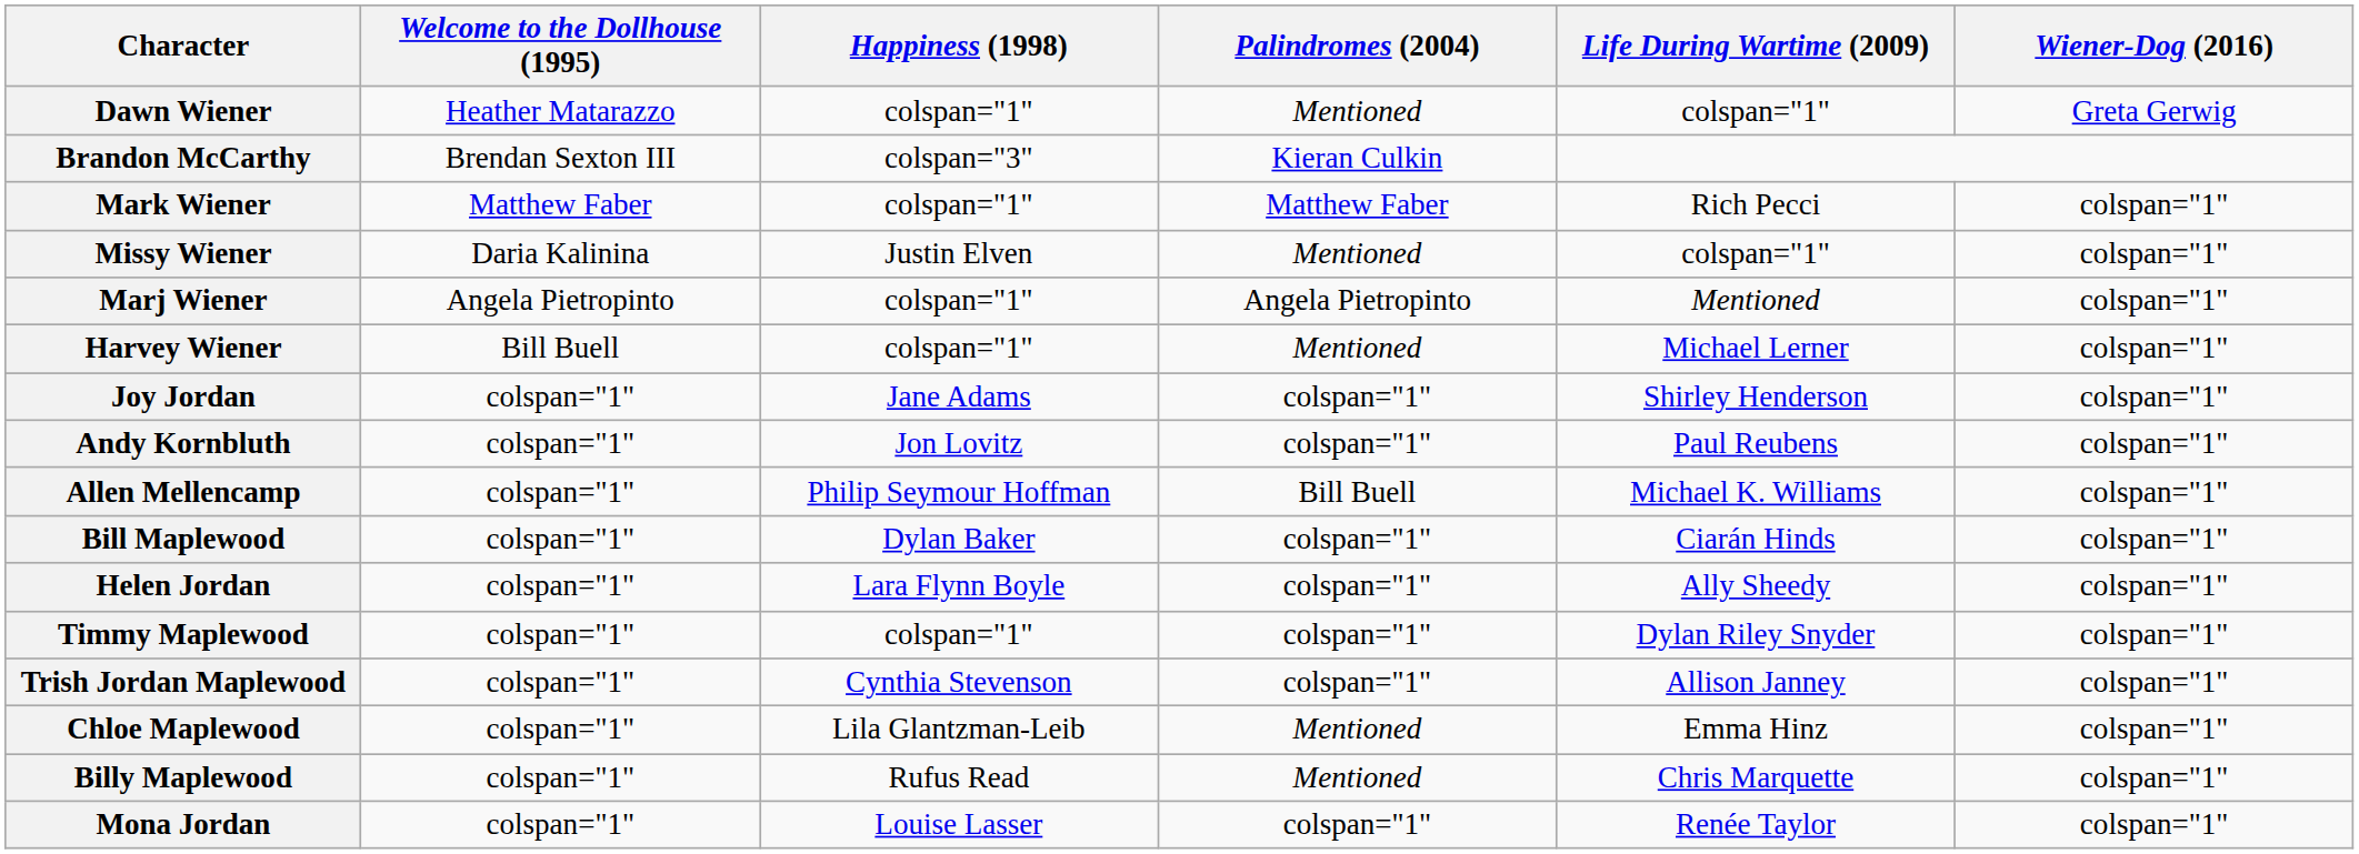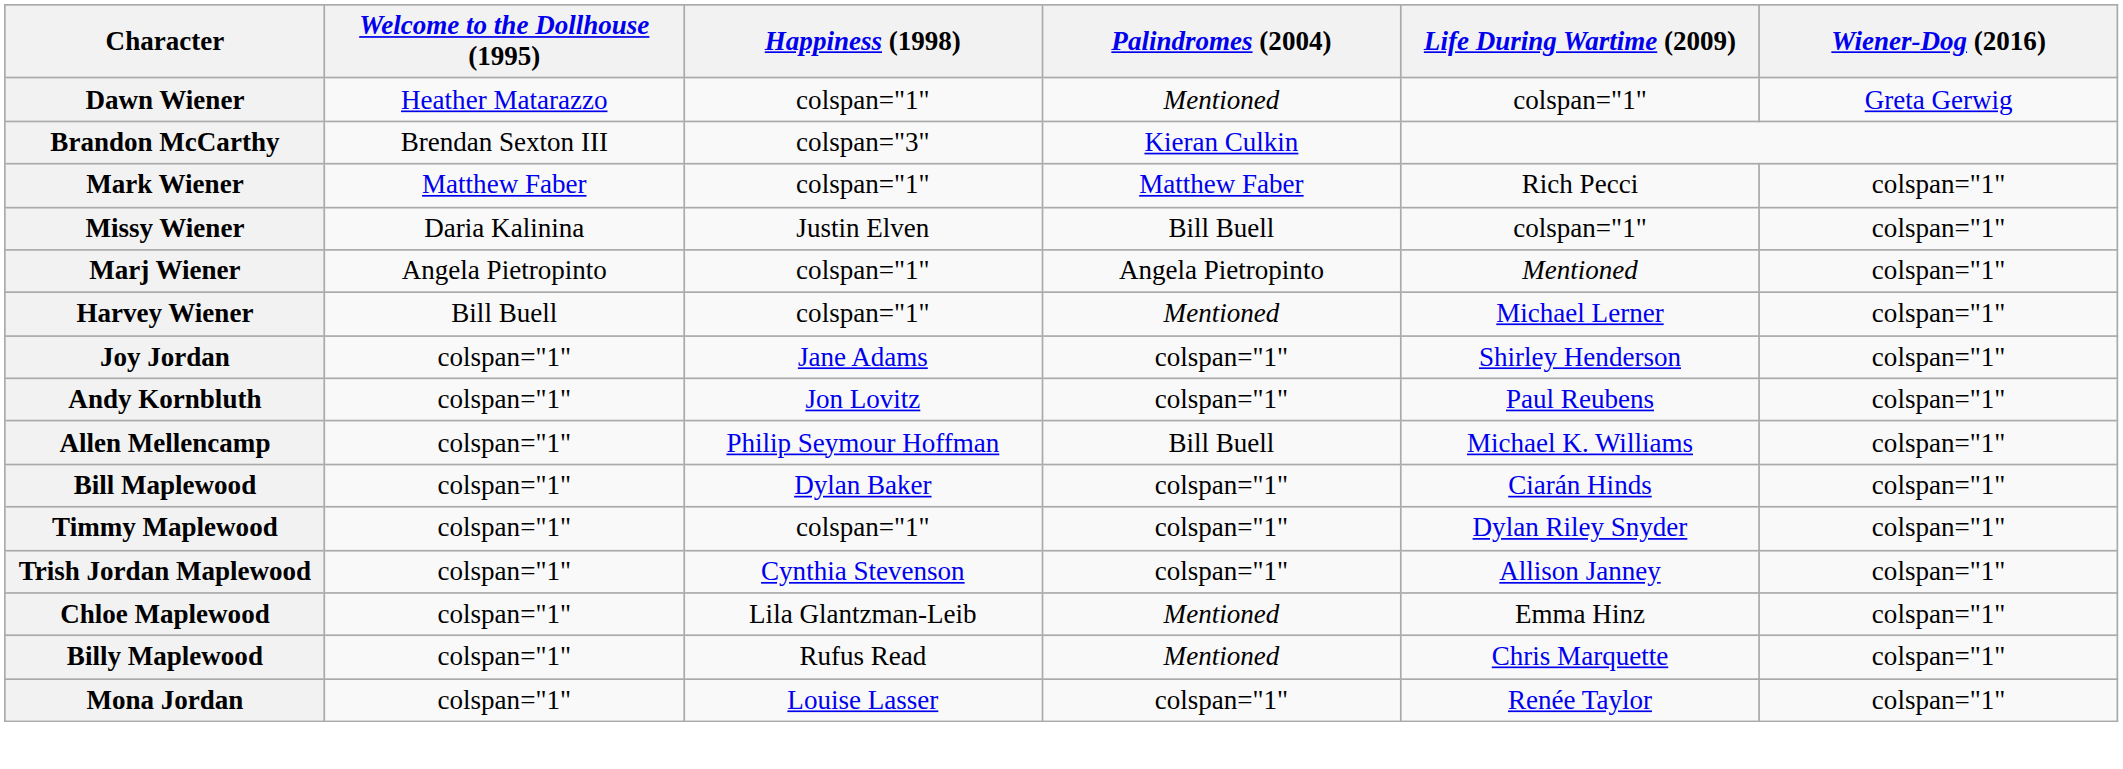 <table class="wikitable" style="text-align: center; width: 99%;">
 <tr>
 <th scope="col" style="width: 15%;">Character</th>
 <th scope="col" style="width: 16.8%;"><em><a href='#'>Welcome to the Dollhouse</a></em> (1995)</th>
 <th scope="col" style="width: 16.8%;"><em><a href='#'>Happiness</a></em> (1998)</th>
 <th scope="col" style="width: 16.8%;"><em><a href='#'>Palindromes</a></em> (2004)</th>
 <th scope="col" style="width: 16.8%;"><em><a href='#'>Life During Wartime</a></em> (2009)</th>
 <th scope="col" style="width: 16.8%;"><em><a href='#'>Wiener-Dog</a></em> (2016)</th>
 </tr>
 <tr>
 <th scope="row">Dawn Wiener</th>
 <td><a href='#'>Heather Matarazzo</a></td>
 <td>colspan="1" </td>
 <td><em>Mentioned</em></td>
 <td>colspan="1" </td>
 <td><a href='#'>Greta Gerwig</a></td>
 </tr>
 <tr>
 <th scope="row">Brandon McCarthy</th>
 <td>Brendan Sexton III</td>
 <td>colspan="3" </td>
 <td><a href='#'>Kieran Culkin</a></td>
 </tr>
 <tr>
 <th scope="row">Mark Wiener</th>
 <td><a href='#'>Matthew Faber</a></td>
 <td>colspan="1" </td>
 <td><a href='#'>Matthew Faber</a></td>
 <td>Rich Pecci</td>
 <td>colspan="1" </td>
 </tr>
 <tr>
 <th>Missy Wiener</th>
 <td>Daria Kalinina</td>
 <td>Justin Elven</td>
-<td><em>Mentioned</em></td>
+<td>Bill Buell</td>
 <td>colspan="1" </td>
 <td>colspan="1" </td>
 </tr>
 <tr>
 <th scope="row">Marj Wiener</th>
 <td>Angela Pietropinto</td>
 <td>colspan="1" </td>
 <td>Angela Pietropinto</td>
 <td><em>Mentioned</em></td>
 <td>colspan="1" </td>
 </tr>
 <tr>
 <th scope="row">Harvey Wiener</th>
 <td>Bill Buell</td>
 <td>colspan="1" </td>
 <td><em>Mentioned</em></td>
 <td><a href='#'>Michael Lerner</a></td>
 <td>colspan="1" </td>
 </tr>
 <tr>
 <th scope="row">Joy Jordan</th>
 <td>colspan="1" </td>
 <td><a href='#'>Jane Adams</a></td>
 <td>colspan="1" </td>
 <td><a href='#'>Shirley Henderson</a></td>
 <td>colspan="1" </td>
 </tr>
 <tr>
 <th scope="row">Andy Kornbluth</th>
 <td>colspan="1" </td>
 <td><a href='#'>Jon Lovitz</a></td>
 <td>colspan="1" </td>
 <td><a href='#'>Paul Reubens</a></td>
 <td>colspan="1" </td>
 </tr>
 <tr>
 <th scope="row">Allen Mellencamp</th>
 <td>colspan="1" </td>
 <td><a href='#'>Philip Seymour Hoffman</a></td>
 <td>Bill Buell</td>
 <td><a href='#'>Michael K. Williams</a></td>
 <td>colspan="1" </td>
 </tr>
 <tr>
 <th scope="row">Bill Maplewood</th>
 <td>colspan="1" </td>
 <td><a href='#'>Dylan Baker</a></td>
 <td>colspan="1" </td>
 <td><a href='#'>Ciarán Hinds</a></td>
 <td>colspan="1" </td>
 </tr>
 <tr>
-<th scope="row">Helen Jordan</th>
-<td>colspan="1" </td>
-<td><a href='#'>Lara Flynn Boyle</a></td>
-<td>colspan="1" </td>
-<td><a href='#'>Ally Sheedy</a></td>
-<td>colspan="1" </td>
-</tr>
-<tr>
 <th scope="row">Timmy Maplewood</th>
 <td>colspan="1" </td>
 <td>colspan="1" </td>
 <td>colspan="1" </td>
 <td><a href='#'>Dylan Riley Snyder</a></td>
 <td>colspan="1" </td>
 </tr>
 <tr>
 <th scope="row">Trish Jordan Maplewood</th>
 <td>colspan="1" </td>
 <td><a href='#'>Cynthia Stevenson</a></td>
 <td>colspan="1" </td>
 <td><a href='#'>Allison Janney</a></td>
 <td>colspan="1" </td>
 </tr>
 <tr>
 <th scope="row">Chloe Maplewood</th>
 <td>colspan="1" </td>
 <td>Lila Glantzman-Leib</td>
 <td><em>Mentioned</em></td>
 <td>Emma Hinz</td>
 <td>colspan="1" </td>
 </tr>
 <tr>
 <th scope="row">Billy Maplewood</th>
 <td>colspan="1" </td>
 <td>Rufus Read</td>
 <td><em>Mentioned</em></td>
 <td><a href='#'>Chris Marquette</a></td>
 <td>colspan="1" </td>
 </tr>
 <tr>
 <th scope="row">Mona Jordan</th>
 <td>colspan="1" </td>
 <td><a href='#'>Louise Lasser</a></td>
 <td>colspan="1" </td>
 <td><a href='#'>Renée Taylor</a></td>
 <td>colspan="1" </td>
 </tr>
 </table>
